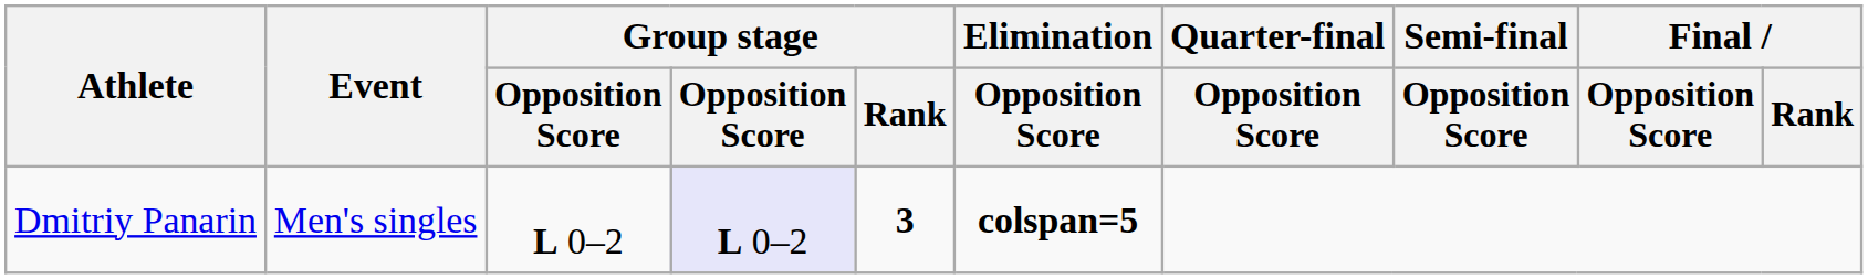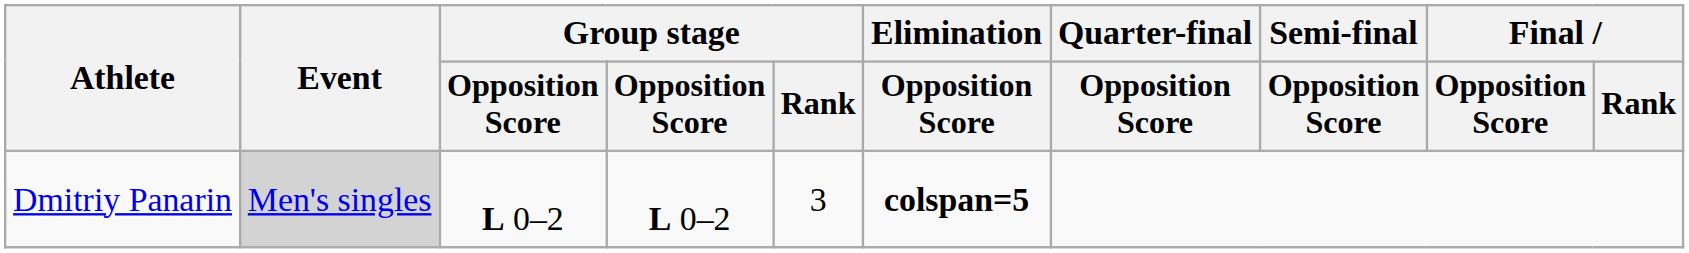 <table class="wikitable" style="font-size:90%">
 <tr>
 <th rowspan="2">Athlete</th>
 <th rowspan="2">Event</th>
 <th colspan="3">Group stage</th>
 <th>Elimination</th>
 <th>Quarter-final</th>
 <th>Semi-final</th>
 <th colspan="2">Final / </th>
 </tr>
 <tr style="font-size:95%">
 <th>Opposition<br>Score</th>
 <th>Opposition<br>Score</th>
 <th>Rank</th>
 <th>Opposition<br>Score</th>
 <th>Opposition<br>Score</th>
 <th>Opposition<br>Score</th>
 <th>Opposition<br>Score</th>
 <th>Rank</th>
 </tr>
 <tr align="center">
 <td align="left"><a href='#'>Dmitriy Panarin</a></td>
-<td align="left"><a href='#'>Men's singles</a></td>
+<td align="left" style="background: lightgrey;"><a href='#'>Men's singles</a></td>
 <td><br><strong>L</strong> 0–2</td>
-<td style="background: lavender;"><br><strong>L</strong> 0–2</td>
-<td><strong>3</strong></td>
+<td><br><strong>L</strong> 0–2</td>
+<td>3</td>
 <td><strong>colspan=5 </strong></td>
 </tr>
 </table>
